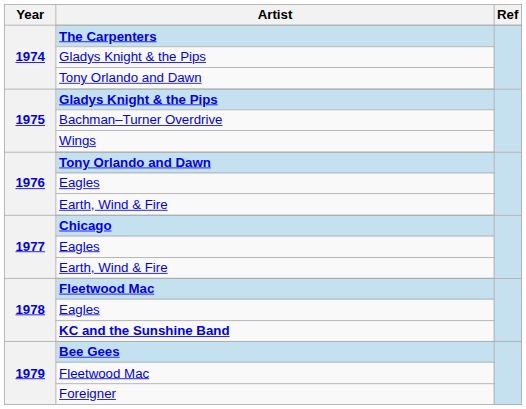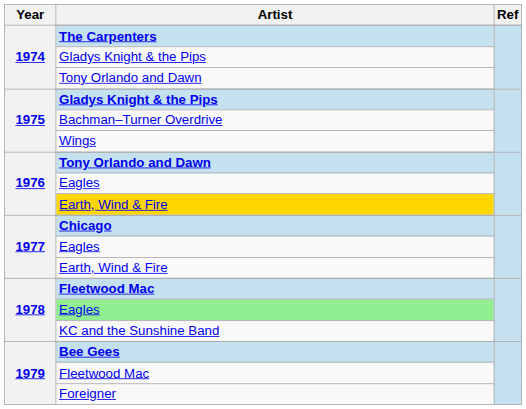 <table class="wikitable" width="100%">
 <tr>
 <th width="10%">Year</th>
 <th width="85%">Artist</th>
 <th width="5%">Ref</th>
 </tr>
 <tr>
 <th rowspan="4" align="center"><a href='#'>1974<br></a></th>
 </tr>
 <tr style="background:#c5e1f0">
 <td><strong><a href='#'>The Carpenters</a></strong></td>
 <td rowspan="4" align="center"></td>
 </tr>
 <tr>
 <td><a href='#'>Gladys Knight & the Pips</a></td>
 </tr>
 <tr>
 <td><a href='#'>Tony Orlando and Dawn</a></td>
 </tr>
 <tr>
 <th rowspan="4" align="center"><a href='#'>1975<br></a></th>
 </tr>
 <tr style="background:#c5e1f0">
 <td><strong><a href='#'>Gladys Knight & the Pips</a></strong></td>
 <td rowspan="4" align="center"></td>
 </tr>
 <tr>
 <td><a href='#'>Bachman–Turner Overdrive</a></td>
 </tr>
 <tr>
 <td><a href='#'>Wings</a></td>
 </tr>
 <tr>
 <th rowspan="4" align="center"><a href='#'>1976<br></a></th>
 </tr>
 <tr style="background:#c5e1f0">
 <td><strong><a href='#'>Tony Orlando and Dawn</a></strong></td>
 <td rowspan="4" align="center"></td>
 </tr>
 <tr>
 <td><a href='#'>Eagles</a></td>
 </tr>
 <tr>
-<td><a href='#'>Earth, Wind & Fire</a></td>
+<td style="background: gold;"><a href='#'>Earth, Wind & Fire</a></td>
 </tr>
 <tr>
 <th rowspan="4" align="center"><a href='#'>1977<br></a></th>
 </tr>
 <tr style="background:#c5e1f0">
 <td><strong><a href='#'>Chicago</a></strong></td>
 <td rowspan="4" align="center"></td>
 </tr>
 <tr>
 <td><a href='#'>Eagles</a></td>
 </tr>
 <tr>
 <td><a href='#'>Earth, Wind & Fire</a></td>
 </tr>
 <tr>
 <th rowspan="4" align="center"><a href='#'>1978<br></a></th>
 </tr>
 <tr style="background:#c5e1f0">
 <td><strong><a href='#'>Fleetwood Mac</a></strong></td>
 <td rowspan="4" align="center"></td>
 </tr>
 <tr>
-<td><a href='#'>Eagles</a></td>
+<td style="background: lightgreen;"><a href='#'>Eagles</a></td>
 </tr>
 <tr>
-<td><strong><a href='#'>KC and the Sunshine Band</a></strong></td>
+<td><a href='#'>KC and the Sunshine Band</a></td>
 </tr>
 <tr>
 <th rowspan="4" align="center"><a href='#'>1979<br></a></th>
 </tr>
 <tr style="background:#c5e1f0">
 <td><strong><a href='#'>Bee Gees</a></strong></td>
 <td rowspan="4" align="center"></td>
 </tr>
 <tr>
 <td><a href='#'>Fleetwood Mac</a></td>
 </tr>
 <tr>
 <td><a href='#'>Foreigner</a></td>
 </tr>
 </table>
